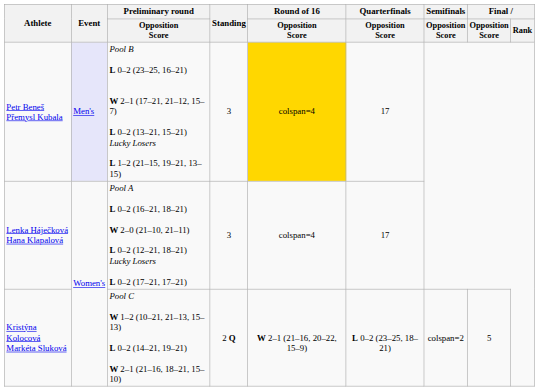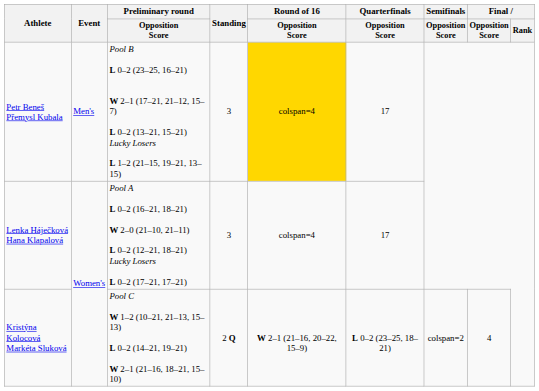 <table class=wikitable style="font-size:90%">
 <tr>
 <th rowspan="2">Athlete</th>
 <th rowspan="2">Event</th>
 <th>Preliminary round</th>
 <th rowspan="2">Standing</th>
 <th>Round of 16</th>
 <th>Quarterfinals</th>
 <th>Semifinals</th>
 <th colspan=2>Final / </th>
 </tr>
 <tr style="font-size:95%">
 <th>Opposition<br>Score</th>
 <th>Opposition<br>Score</th>
 <th>Opposition<br>Score</th>
 <th>Opposition<br>Score</th>
 <th>Opposition<br>Score</th>
 <th>Rank</th>
 </tr>
 <tr align=center>
 <td align=left><a href='#'>Petr Beneš</a><br><a href='#'>Přemysl Kubala</a></td>
-<td align=left style="background: lavender;"><a href='#'>Men's</a></td>
+<td align=left><a href='#'>Men's</a></td>
 <td align=left><em>Pool B</em><br><br><strong>L</strong> 0–2 (23–25, 16–21)<br><br><br><strong>W</strong> 2–1 (17–21, 21–12, 15–7)<br><br><strong>L</strong> 0–2 (13–21, 15–21)<br><em>Lucky Losers</em><br><br> <strong>L</strong> 1–2 (21–15, 19–21, 13–15)</td>
 <td>3</td>
 <td style="background: gold;">colspan=4 </td>
 <td>17</td>
 </tr>
 <tr align=center>
 <td align=left><a href='#'>Lenka Háječková</a><br><a href='#'>Hana Klapalová</a></td>
 <td align=left rowspan=2><a href='#'>Women's</a></td>
 <td align=left><em>Pool A</em><br><br> <strong>L</strong> 0–2 (16–21, 18–21)<br><br> <strong>W</strong> 2–0 (21–10, 21–11)<br><br> <strong>L</strong> 0–2 (12–21, 18–21)<br><em>Lucky Losers</em><br><br> <strong>L</strong> 0–2 (17–21, 17–21)</td>
 <td>3</td>
 <td>colspan=4 </td>
 <td>17</td>
 </tr>
 <tr align=center>
 <td align=left><a href='#'>Kristýna Kolocová</a><br><a href='#'>Markéta Sluková</a></td>
 <td align=left><em>Pool C</em><br><br> <strong>W</strong> 1–2 (10–21, 21–13, 15–13)<br><br><strong>L</strong> 0–2 (14–21, 19–21) <br><br><strong>W</strong> 2–1 (21–16, 18–21, 15–10)</td>
 <td>2 <strong>Q</strong></td>
 <td><br> <strong>W</strong> 2–1 (21–16, 20–22, 15–9)</td>
 <td><br> <strong>L</strong> 0–2 (23–25, 18–21)</td>
 <td>colspan=2 </td>
-<td>5</td>
+<td>4</td>
 </tr>
 </table>
